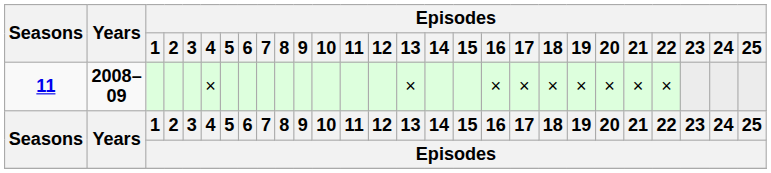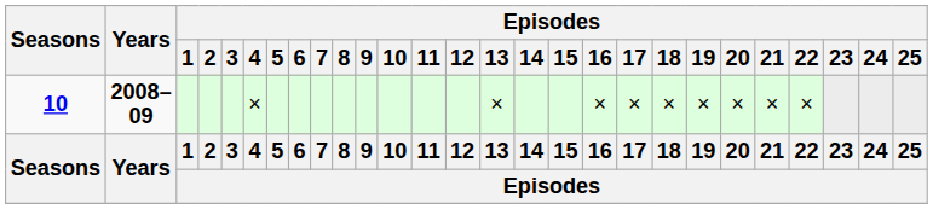 <table class="wikitable" style="text-align:center; margin:auto; width:5%;">
 <tr>
 <th colspan="1" rowspan="2" style="text-align:center;">Seasons</th>
 <th colspan="1" rowspan="2" style="text-align:center;">Years</th>
 <th colspan="25"  style="text-align:center;">Episodes</th>
 </tr>
 <tr>
 <th colspan="1" style="text-align:center;">1</th>
 <th colspan="1" style="text-align:center;">2</th>
 <th colspan="1" style="text-align:center;">3</th>
 <th colspan="1" style="text-align:center;">4</th>
 <th colspan="1" style="text-align:center;">5</th>
 <th colspan="1" style="text-align:center;">6</th>
 <th colspan="1" style="text-align:center;">7</th>
 <th colspan="1" style="text-align:center;">8</th>
 <th colspan="1" style="text-align:center;">9</th>
 <th colspan="1" style="text-align:center;">10</th>
 <th colspan="1" style="text-align:center;">11</th>
 <th colspan="1" style="text-align:center;">12</th>
 <th colspan="1" style="text-align:center;">13</th>
 <th colspan="1" style="text-align:center;">14</th>
 <th colspan="1" style="text-align:center;">15</th>
 <th colspan="1" style="text-align:center;">16</th>
 <th colspan="1" style="text-align:center;">17</th>
 <th colspan="1" style="text-align:center;">18</th>
 <th colspan="1" style="text-align:center;">19</th>
 <th colspan="1" style="text-align:center;">20</th>
 <th colspan="1" style="text-align:center;">21</th>
 <th colspan="1" style="text-align:center;">22</th>
 <th colspan="1" style="text-align:center;">23</th>
 <th colspan="1" style="text-align:center;">24</th>
 <th colspan="1" style="text-align:center;">25</th>
 </tr>
 <tr>
-<td><strong><a href='#'>11</a></strong></td>
+<td><strong><a href='#'>10</a></strong></td>
 <td><strong>2008–09</strong></td>
 <td colspan="1" style="background:#dfd; text-align:center;"></td>
 <td colspan="1" style="background:#dfd; text-align:center;"></td>
 <td colspan="1" style="background:#dfd; text-align:center;"></td>
 <td colspan="1" style="background:#dfd; text-align:center;">×</td>
 <td colspan="1" style="background:#dfd; text-align:center;"></td>
 <td colspan="1" style="background:#dfd; text-align:center;"></td>
 <td colspan="1" style="background:#dfd; text-align:center;"></td>
 <td colspan="1" style="background:#dfd; text-align:center;"></td>
 <td colspan="1" style="background:#dfd; text-align:center;"></td>
 <td colspan="1" style="background:#dfd; text-align:center;"></td>
 <td colspan="1" style="background:#dfd; text-align:center;"></td>
 <td colspan="1" style="background:#dfd; text-align:center;"></td>
 <td colspan="1" style="background:#dfd; text-align:center;">×</td>
 <td colspan="1" style="background:#dfd; text-align:center;"></td>
 <td colspan="1" style="background:#dfd; text-align:center;"></td>
 <td colspan="1" style="background:#dfd; text-align:center;">×</td>
 <td colspan="1" style="background:#dfd; text-align:center;">×</td>
 <td colspan="1" style="background:#dfd; text-align:center;">×</td>
 <td colspan="1" style="background:#dfd; text-align:center;">×</td>
 <td colspan="1" style="background:#dfd; text-align:center;">×</td>
 <td colspan="1" style="background:#dfd; text-align:center;">×</td>
 <td colspan="1" style="background:#dfd; text-align:center;">×</td>
 <td colspan="1" style="background:#ececec; color:gray; vertical-align:middle; text-align:center;" class="table-na"></td>
 <td colspan="1" style="background:#ececec; color:gray; vertical-align:middle; text-align:center;" class="table-na"></td>
 <td colspan="1" style="background:#ececec; color:gray; vertical-align:middle; text-align:center;" class="table-na"></td>
 </tr>
 <tr>
 <th rowspan="2" colspan="1" style="text-align:center;">Seasons</th>
 <th colspan="1" rowspan="2" style="text-align:center;">Years</th>
 <th colspan="1" style="text-align:center;">1</th>
 <th colspan="1" style="text-align:center;">2</th>
 <th colspan="1" style="text-align:center;">3</th>
 <th colspan="1" style="text-align:center;">4</th>
 <th colspan="1" style="text-align:center;">5</th>
 <th colspan="1" style="text-align:center;">6</th>
 <th colspan="1" style="text-align:center;">7</th>
 <th colspan="1" style="text-align:center;">8</th>
 <th colspan="1" style="text-align:center;">9</th>
 <th colspan="1" style="text-align:center;">10</th>
 <th colspan="1" style="text-align:center;">11</th>
 <th colspan="1" style="text-align:center;">12</th>
 <th colspan="1" style="text-align:center;">13</th>
 <th colspan="1" style="text-align:center;">14</th>
 <th colspan="1" style="text-align:center;">15</th>
 <th colspan="1" style="text-align:center;">16</th>
 <th colspan="1" style="text-align:center;">17</th>
 <th colspan="1" style="text-align:center;">18</th>
 <th colspan="1" style="text-align:center;">19</th>
 <th colspan="1" style="text-align:center;">20</th>
 <th colspan="1" style="text-align:center;">21</th>
 <th colspan="1" style="text-align:center;">22</th>
 <th colspan="1" style="text-align:center;">23</th>
 <th colspan="1" style="text-align:center;">24</th>
 <th colspan="1" style="text-align:center;">25</th>
 </tr>
 <tr>
 <th colspan="25"  style="text-align:center;">Episodes</th>
 </tr>
 <tr>
 </tr>
 </table>
